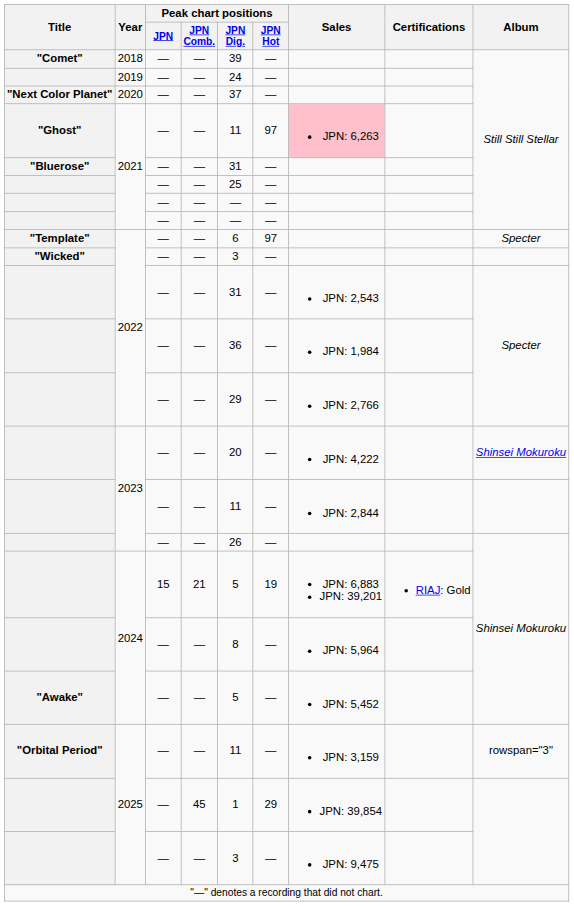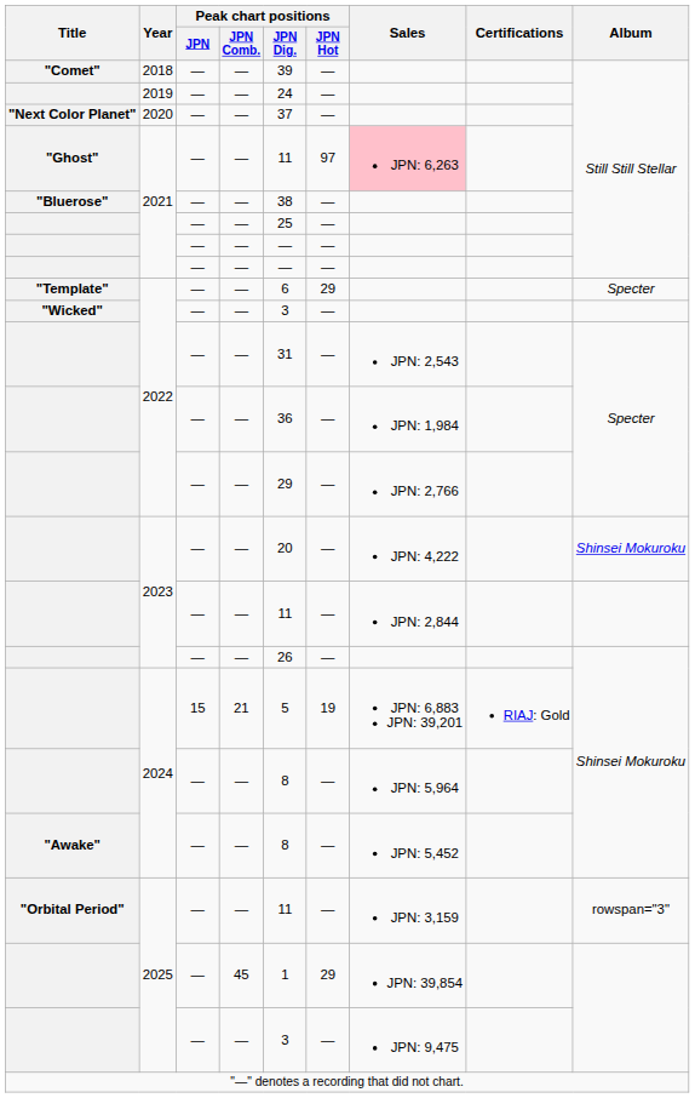 <table class="wikitable plainrowheaders" style="text-align:center;">
 <tr>
 <th scope="col" rowspan="2">Title</th>
 <th scope="col" rowspan="2">Year</th>
 <th scope="col" colspan="4">Peak chart positions</th>
 <th scope="col" rowspan="2">Sales</th>
 <th scope="col" rowspan="2">Certifications</th>
 <th scope="col" rowspan="2">Album</th>
 </tr>
 <tr>
 <th scope="col" style="width:3em;font-size:90%;"><a href='#'>JPN</a><br></th>
 <th scope="col" style="width:3em;font-size:90%;"><a href='#'>JPN<br>Comb.</a><br></th>
 <th scope="col" style="width:3em;font-size:90%;"><a href='#'>JPN Dig.</a><br></th>
 <th scope="col" style="width:3em;font-size:90%;"><a href='#'>JPN<br>Hot</a><br></th>
 </tr>
 <tr>
 <th scope="row">"Comet"</th>
 <td>2018</td>
 <td>—</td>
 <td>—</td>
 <td>39</td>
 <td>—</td>
 <td></td>
 <td></td>
 <td rowspan="8"><em>Still Still Stellar</em></td>
 </tr>
 <tr>
 <th scope="row"></th>
 <td>2019</td>
 <td>—</td>
 <td>—</td>
 <td>24</td>
 <td>—</td>
 <td></td>
 <td></td>
 </tr>
 <tr>
 <th scope="row">"Next Color Planet"</th>
 <td>2020</td>
 <td>—</td>
 <td>—</td>
 <td>37</td>
 <td>—</td>
 <td></td>
 <td></td>
 </tr>
 <tr>
 <th scope="row">"Ghost"</th>
 <td rowspan="5">2021</td>
 <td>—</td>
 <td>—</td>
 <td>11</td>
 <td>97</td>
 <td style="background: pink;"><br><ul><li>JPN: 6,263 </li></ul></td>
 <td></td>
 </tr>
 <tr>
 <th scope="row">"Bluerose"</th>
 <td>—</td>
 <td>—</td>
-<td>31</td>
+<td>38</td>
 <td>—</td>
 <td></td>
 <td></td>
 </tr>
 <tr>
 <th scope="row"></th>
 <td>—</td>
 <td>—</td>
 <td>25</td>
 <td>—</td>
 <td></td>
 <td></td>
 </tr>
 <tr>
 <th scope="row"></th>
 <td>—</td>
 <td>—</td>
 <td>—</td>
 <td>—</td>
 <td></td>
 <td></td>
 </tr>
 <tr>
 <th scope="row"></th>
 <td>—</td>
 <td>—</td>
 <td>—</td>
 <td>—</td>
 <td></td>
 <td></td>
 </tr>
 <tr>
 <th scope="row">"Template"</th>
 <td rowspan="5">2022</td>
 <td>—</td>
 <td>—</td>
 <td>6</td>
-<td>97</td>
+<td>29</td>
 <td></td>
 <td></td>
 <td><em>Specter</em></td>
 </tr>
 <tr>
 <th scope="row">"Wicked"<br></th>
 <td>—</td>
 <td>—</td>
 <td>3</td>
 <td>—</td>
 <td></td>
 <td></td>
 <td></td>
 </tr>
 <tr>
 <th scope="row"></th>
 <td>—</td>
 <td>—</td>
 <td>31</td>
 <td>—</td>
 <td><br><ul><li>JPN: 2,543 </li></ul></td>
 <td></td>
 <td rowspan="3"><em>Specter</em></td>
 </tr>
 <tr>
 <th scope="row"></th>
 <td>—</td>
 <td>—</td>
 <td>36</td>
 <td>—</td>
 <td><br><ul><li>JPN: 1,984 </li></ul></td>
 </tr>
 <tr>
 <th scope="row"></th>
 <td>—</td>
 <td>—</td>
 <td>29</td>
 <td>—</td>
 <td><br><ul><li>JPN: 2,766 </li></ul></td>
 <td></td>
 </tr>
 <tr>
 <th scope="row"></th>
 <td rowspan="3">2023</td>
 <td>—</td>
 <td>—</td>
 <td>20</td>
 <td>—</td>
 <td><br><ul><li>JPN: 4,222 </li></ul></td>
 <td></td>
 <td><em><a href='#'>Shinsei Mokuroku</a></em></td>
 </tr>
 <tr>
 <th scope="row"></th>
 <td>—</td>
 <td>—</td>
 <td>11</td>
 <td>—</td>
 <td><br><ul><li>JPN: 2,844 </li></ul></td>
 <td></td>
 <td></td>
 </tr>
 <tr>
 <th scope="row"></th>
 <td>—</td>
 <td>—</td>
 <td>26</td>
 <td>—</td>
 <td></td>
 <td></td>
 <td rowspan="4"><em>Shinsei Mokuroku</em></td>
 </tr>
 <tr>
 <th scope="row"></th>
 <td rowspan="3">2024</td>
 <td>15</td>
 <td>21</td>
 <td>5</td>
 <td>19</td>
 <td><br><ul><li>JPN: 6,883 </li><li>JPN: 39,201 </li></ul></td>
 <td><br><ul><li><a href='#'>RIAJ</a>: Gold </li></ul></td>
 </tr>
 <tr>
 <th scope="row"></th>
 <td>—</td>
 <td>—</td>
 <td>8</td>
 <td>—</td>
 <td><br><ul><li>JPN: 5,964 </li></ul></td>
 <td></td>
 </tr>
 <tr>
 <th scope="row">"Awake"</th>
 <td>—</td>
 <td>—</td>
-<td>5</td>
+<td>8</td>
 <td>—</td>
 <td><br><ul><li>JPN: 5,452 </li></ul></td>
 <td></td>
 </tr>
 <tr>
 <th scope="row">"Orbital Period"</th>
 <td rowspan="3">2025</td>
 <td>—</td>
 <td>—</td>
 <td>11</td>
 <td>—</td>
 <td><br><ul><li>JPN: 3,159 </li></ul></td>
 <td></td>
 <td>rowspan="3" </td>
 </tr>
 <tr>
 <th scope="row"></th>
 <td>—</td>
 <td>45</td>
 <td>1</td>
 <td>29</td>
 <td><br><ul><li>JPN: 39,854 </li></ul></td>
 <td></td>
 </tr>
 <tr>
 <th scope="row"></th>
 <td>—</td>
 <td>—</td>
 <td>3</td>
 <td>—</td>
 <td><br><ul><li>JPN: 9,475 </li></ul></td>
 <td></td>
 </tr>
 <tr>
 <td colspan="9" style="font-size:90%">"—" denotes a recording that did not chart.</td>
 </tr>
 </table>
